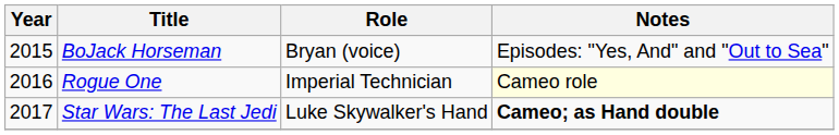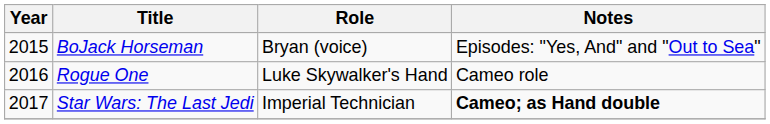 <table class="wikitable">
 <tr>
 <th>Year</th>
 <th>Title</th>
 <th>Role</th>
 <th>Notes</th>
 </tr>
 <tr>
 <td>2015</td>
 <td><em><a href='#'>BoJack Horseman</a></em></td>
 <td>Bryan (voice)</td>
 <td>Episodes: "Yes, And" and "<a href='#'>Out to Sea</a>"</td>
 </tr>
 <tr>
 <td>2016</td>
 <td><em><a href='#'>Rogue One</a></em></td>
-<td>Imperial Technician</td>
-<td style="background: lightyellow;">Cameo role</td>
+<td>Luke Skywalker's Hand</td>
+<td>Cameo role</td>
 </tr>
 <tr>
 <td>2017</td>
 <td><em><a href='#'>Star Wars: The Last Jedi</a></em></td>
-<td>Luke Skywalker's Hand</td>
+<td>Imperial Technician</td>
 <td><strong>Cameo; as Hand double</strong></td>
 </tr>
 <tr>
 </tr>
 </table>
